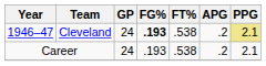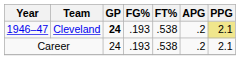 <table class="wikitable sortable" style="font-size:95%; text-align:right;">
 <tr>
 <th>Year</th>
 <th>Team</th>
 <th>GP</th>
 <th>FG%</th>
 <th>FT%</th>
 <th>APG</th>
 <th>PPG</th>
 </tr>
 <tr>
 <td style="text-align:left;"><a href='#'>1946–47</a></td>
 <td style="text-align:left;"><a href='#'>Cleveland</a></td>
-<td>24</td>
-<td><strong>.193</strong></td>
+<td><strong>24</strong></td>
+<td>.193</td>
 <td>.538</td>
 <td>.2</td>
 <td style="background: khaki;">2.1</td>
 </tr>
 <tr>
 <td style="text-align:center;" colspan="2">Career</td>
 <td>24</td>
 <td>.193</td>
 <td>.538</td>
 <td>.2</td>
 <td>2.1</td>
 </tr>
 <tr>
 </tr>
 </table>
